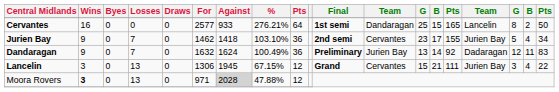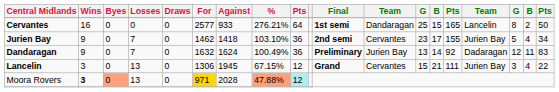 <table style="font-size: 85%; text-align: left;" class="wikitable">
 <tr>
 <th style="color:crimson">Central Midlands</th>
 <th style="color:crimson">Wins</th>
 <th style="color:crimson">Byes</th>
 <th style="color:crimson">Losses</th>
 <th style="color:crimson">Draws</th>
 <th style="color:crimson">For</th>
 <th style="color:crimson">Against</th>
 <th style="color:crimson">%</th>
 <th style="color:crimson">Pts</th>
 <th></th>
 <th style="color:green">Final</th>
 <th style="color:green">Team</th>
 <th style="color:green">G</th>
 <th style="color:green">B</th>
 <th style="color:green">Pts</th>
 <th style="color:green">Team</th>
 <th style="color:green">G</th>
 <th style="color:green">B</th>
 <th style="color:green">Pts</th>
 </tr>
 <tr>
 </tr>
 <tr>
 </tr>
 <tr>
 <td><strong>	Cervantes	</strong></td>
 <td>16</td>
 <td>0</td>
 <td>0</td>
 <td>0</td>
 <td>2577</td>
 <td>933</td>
 <td>276.21%</td>
 <td>64</td>
 <td></td>
 <td><strong>1st semi</strong></td>
 <td>Dandaragan</td>
 <td>25</td>
 <td>15</td>
 <td>165</td>
 <td>Lancelin</td>
 <td>8</td>
 <td>2</td>
 <td>50</td>
 </tr>
 <tr>
 <td><strong>	Jurien Bay	</strong></td>
 <td>9</td>
 <td>0</td>
 <td>7</td>
 <td>0</td>
 <td>1462</td>
 <td>1418</td>
 <td>103.10%</td>
 <td>36</td>
 <td></td>
 <td><strong>2nd semi</strong></td>
 <td>Cervantes</td>
 <td>23</td>
 <td>17</td>
 <td>155</td>
 <td>Jurien Bay</td>
 <td>5</td>
 <td>4</td>
 <td>34</td>
 </tr>
 <tr>
 <td><strong>	Dandaragan	</strong></td>
 <td>9</td>
 <td>0</td>
 <td>7</td>
 <td>0</td>
 <td>1632</td>
 <td>1624</td>
 <td>100.49%</td>
 <td>36</td>
 <td></td>
 <td><strong>Preliminary</strong></td>
 <td>Jurien Bay</td>
 <td>13</td>
 <td>14</td>
 <td>92</td>
 <td>Dadaragan</td>
 <td>12</td>
 <td>11</td>
 <td>83</td>
 </tr>
 <tr>
 <td><strong>	Lancelin	</strong></td>
 <td>3</td>
 <td>0</td>
 <td>13</td>
 <td>0</td>
 <td>1306</td>
 <td>1945</td>
 <td>67.15%</td>
 <td>12</td>
 <td></td>
 <td><strong>Grand</strong></td>
 <td>Cervantes</td>
 <td>15</td>
 <td>21</td>
 <td>111</td>
 <td>Jurien Bay</td>
 <td>3</td>
 <td>4</td>
 <td>22</td>
 </tr>
 <tr>
 <td>Moora Rovers</td>
 <td><strong>3</strong></td>
-<td>0</td>
+<td style="background: lightsalmon;">0</td>
 <td>13</td>
 <td>0</td>
-<td>971</td>
-<td style="background: lightgrey;">2028</td>
-<td>47.88%</td>
-<td>12</td>
+<td style="background: gold;">971</td>
+<td>2028</td>
+<td style="background: lightsalmon;">47.88%</td>
+<td style="background: paleturquoise;">12</td>
 <td></td>
 </tr>
 <tr>
 </tr>
 </table>
